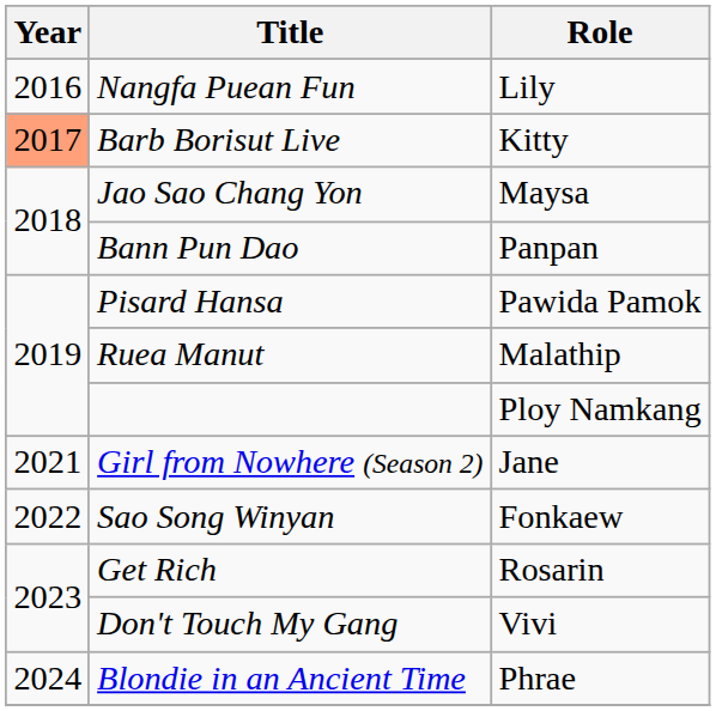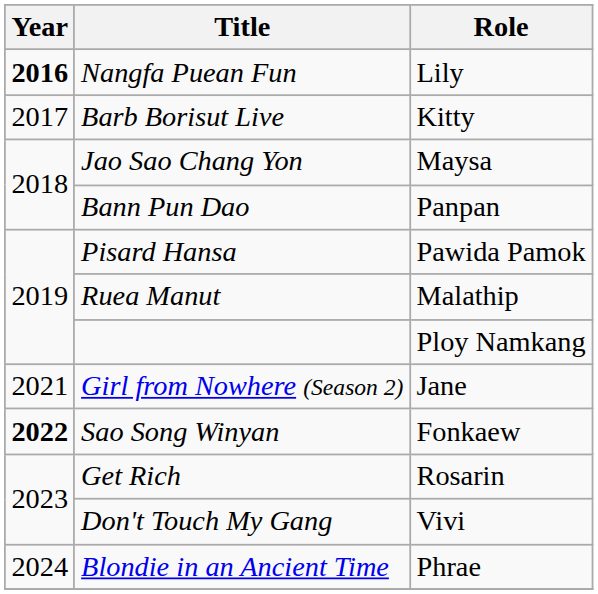 <table class="wikitable">
 <tr>
 <th>Year</th>
 <th>Title</th>
 <th>Role</th>
 </tr>
 <tr>
-<td>2016</td>
+<td><strong>2016</strong></td>
 <td><em>Nangfa Puean Fun </em></td>
 <td>Lily</td>
 </tr>
 <tr>
-<td style="background: lightsalmon;">2017</td>
+<td>2017</td>
 <td><em>Barb Borisut Live</em></td>
 <td>Kitty</td>
 </tr>
 <tr>
 <td rowspan = "2">2018</td>
 <td><em>Jao Sao Chang Yon</em></td>
 <td>Maysa</td>
 </tr>
 <tr>
 <td><em>Bann Pun Dao</em></td>
 <td>Panpan</td>
 </tr>
 <tr>
 <td rowspan = "3">2019</td>
 <td><em>Pisard Hansa</em></td>
 <td>Pawida Pamok</td>
 </tr>
 <tr>
 <td><em>Ruea Manut</em></td>
 <td>Malathip</td>
 </tr>
 <tr>
 <td><em></em></td>
 <td>Ploy Namkang</td>
 </tr>
 <tr>
 <td>2021</td>
 <td><em><a href='#'>Girl from Nowhere</a> <small>(Season 2)</small></em></td>
 <td>Jane</td>
 </tr>
 <tr>
-<td>2022</td>
+<td><strong>2022</strong></td>
 <td><em>Sao Song Winyan</em></td>
 <td>Fonkaew</td>
 </tr>
 <tr>
 <td rowspan="2">2023</td>
 <td><em>Get Rich</em></td>
 <td>Rosarin</td>
 </tr>
 <tr>
 <td><em>Don't Touch My Gang</em></td>
 <td>Vivi</td>
 </tr>
 <tr>
 <td>2024</td>
 <td><em><a href='#'>Blondie in an Ancient Time</a></em></td>
 <td>Phrae</td>
 </tr>
 <tr>
 </tr>
 </table>
